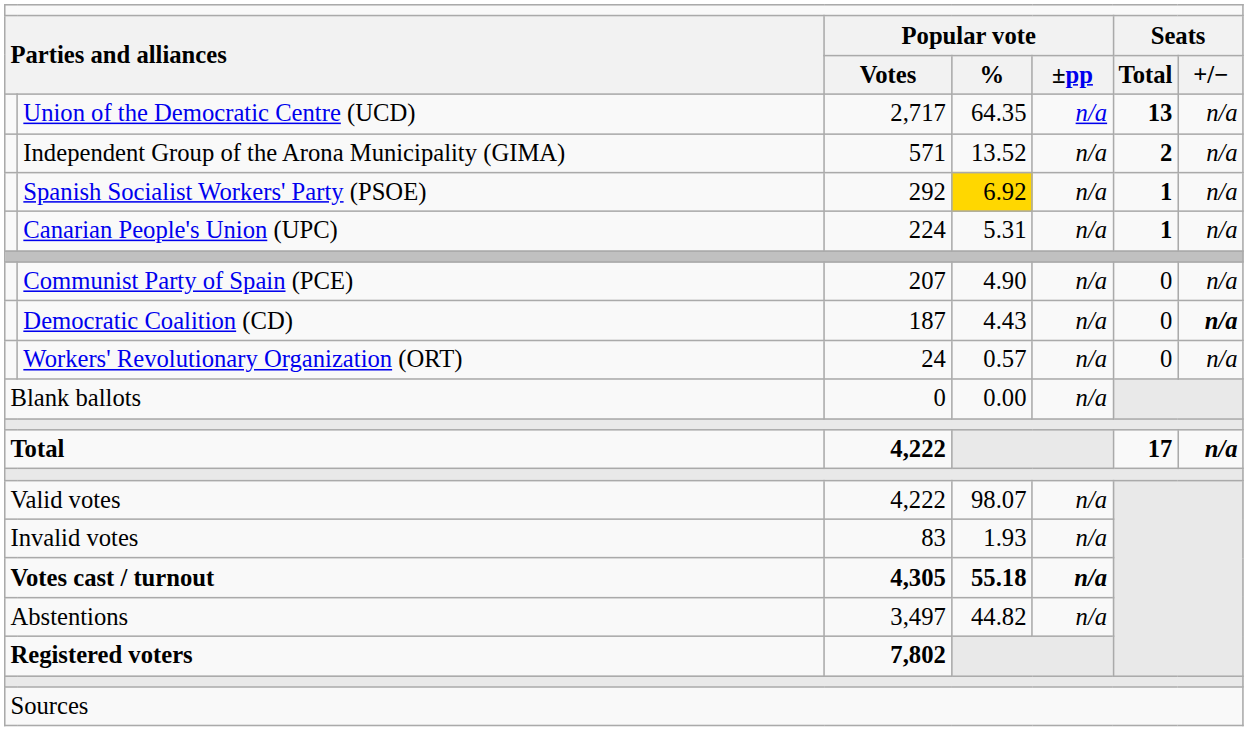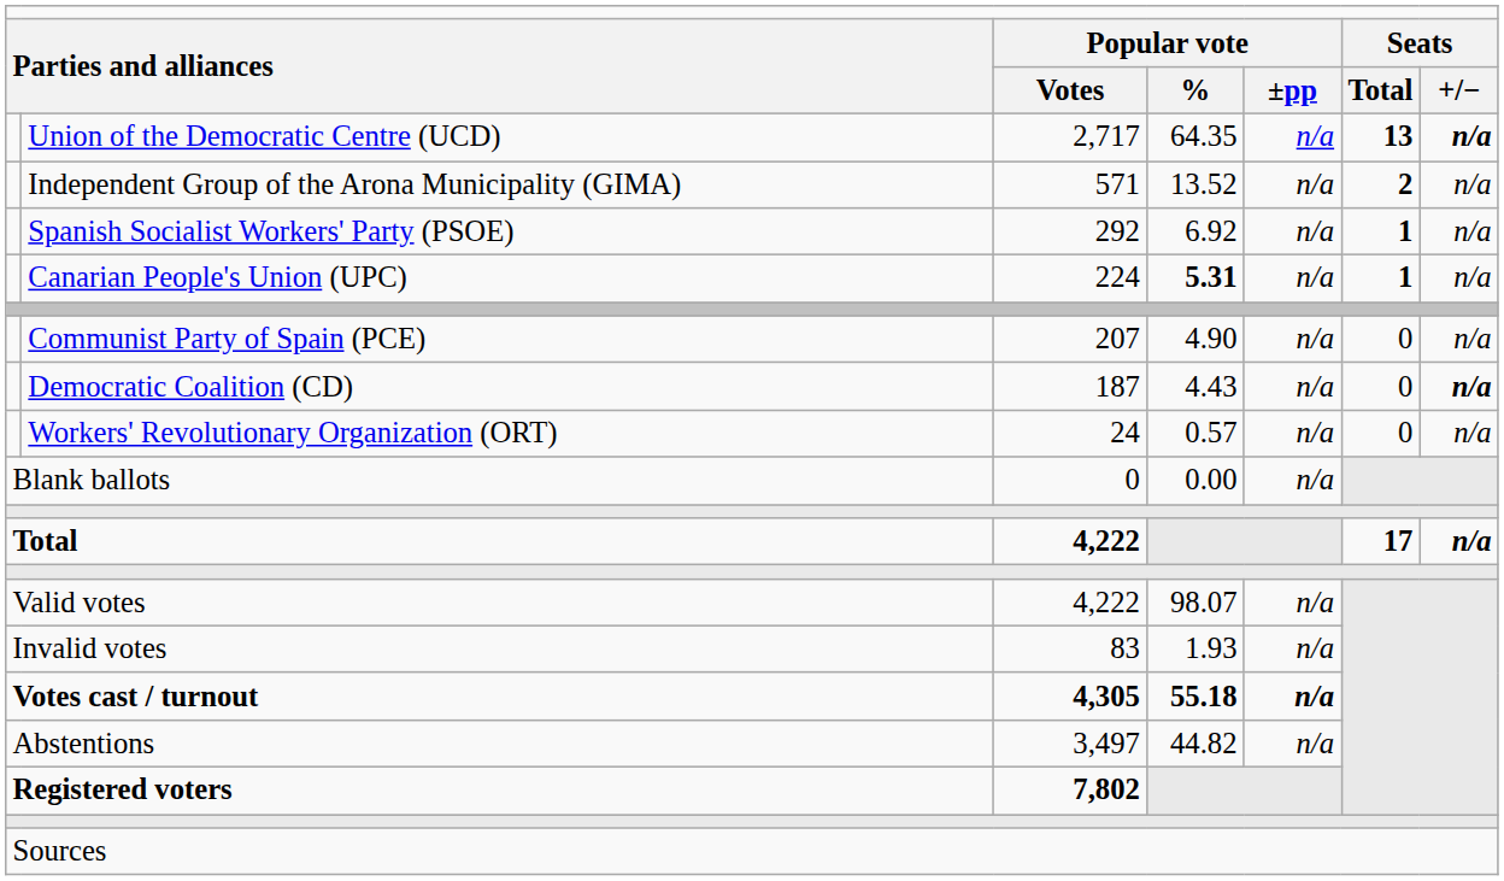 <table class="wikitable" style="text-align:right;">
 <tr>
 <td colspan="7"></td>
 </tr>
 <tr>
 <th style="text-align:left;" rowspan="2" colspan="2" width="525">Parties and alliances</th>
 <th colspan="3">Popular vote</th>
 <th colspan="2">Seats</th>
 </tr>
 <tr>
 <th width="75">Votes</th>
 <th width="45">%</th>
 <th width="45">±<a href='#'>pp</a></th>
 <th width="35">Total</th>
 <th width="35">+/−</th>
 </tr>
 <tr>
 <td width="1" style="color:inherit;background:"></td>
 <td align="left"><a href='#'>Union of the Democratic Centre</a> (UCD)</td>
 <td>2,717</td>
 <td>64.35</td>
 <td><em><a href='#'>n/a</a></em></td>
 <td><strong>13</strong></td>
-<td><em>n/a</em></td>
+<td><strong><em>n/a</em></strong></td>
 </tr>
 <tr>
 <td style="color:inherit;background:"></td>
 <td align="left">Independent Group of the Arona Municipality (GIMA)</td>
 <td>571</td>
 <td>13.52</td>
 <td><em>n/a</em></td>
 <td><strong>2</strong></td>
 <td><em>n/a</em></td>
 </tr>
 <tr>
 <td style="color:inherit;background:"></td>
 <td align="left"><a href='#'>Spanish Socialist Workers' Party</a> (PSOE)</td>
 <td>292</td>
-<td style="background: gold;">6.92</td>
+<td>6.92</td>
 <td><em>n/a</em></td>
 <td><strong>1</strong></td>
 <td><em>n/a</em></td>
 </tr>
 <tr>
 <td style="color:inherit;background:"></td>
 <td align="left"><a href='#'>Canarian People's Union</a> (UPC)</td>
 <td>224</td>
-<td>5.31</td>
+<td><strong>5.31</strong></td>
 <td><em>n/a</em></td>
 <td><strong>1</strong></td>
 <td><em>n/a</em></td>
 </tr>
 <tr>
 <td colspan="7" bgcolor="#C0C0C0"></td>
 </tr>
 <tr>
 <td style="color:inherit;background:"></td>
 <td align="left"><a href='#'>Communist Party of Spain</a> (PCE)</td>
 <td>207</td>
 <td>4.90</td>
 <td><em>n/a</em></td>
 <td>0</td>
 <td><em>n/a</em></td>
 </tr>
 <tr>
 <td style="color:inherit;background:"></td>
 <td align="left"><a href='#'>Democratic Coalition</a> (CD)</td>
 <td>187</td>
 <td>4.43</td>
 <td><em>n/a</em></td>
 <td>0</td>
 <td><strong><em>n/a</em></strong></td>
 </tr>
 <tr>
 <td style="color:inherit;background:"></td>
 <td align="left"><a href='#'>Workers' Revolutionary Organization</a> (ORT)</td>
 <td>24</td>
 <td>0.57</td>
 <td><em>n/a</em></td>
 <td>0</td>
 <td><em>n/a</em></td>
 </tr>
 <tr>
 <td align="left" colspan="2">Blank ballots</td>
 <td>0</td>
 <td>0.00</td>
 <td><em>n/a</em></td>
 <td bgcolor="#E9E9E9" colspan="2"></td>
 </tr>
 <tr>
 <td colspan="7" bgcolor="#E9E9E9"></td>
 </tr>
 <tr style="font-weight:bold;">
 <td align="left" colspan="2">Total</td>
 <td>4,222</td>
 <td bgcolor="#E9E9E9" colspan="2"></td>
 <td>17</td>
 <td><em>n/a</em></td>
 </tr>
 <tr>
 <td colspan="7" bgcolor="#E9E9E9"></td>
 </tr>
 <tr>
 <td align="left" colspan="2">Valid votes</td>
 <td>4,222</td>
 <td>98.07</td>
 <td><em>n/a</em></td>
 <td bgcolor="#E9E9E9" colspan="2" rowspan="5"></td>
 </tr>
 <tr>
 <td align="left" colspan="2">Invalid votes</td>
 <td>83</td>
 <td>1.93</td>
 <td><em>n/a</em></td>
 </tr>
 <tr style="font-weight:bold;">
 <td align="left" colspan="2">Votes cast / turnout</td>
 <td>4,305</td>
 <td>55.18</td>
 <td><em>n/a</em></td>
 </tr>
 <tr>
 <td align="left" colspan="2">Abstentions</td>
 <td>3,497</td>
 <td>44.82</td>
 <td><em>n/a</em></td>
 </tr>
 <tr style="font-weight:bold;">
 <td align="left" colspan="2">Registered voters</td>
 <td>7,802</td>
 <td bgcolor="#E9E9E9" colspan="2"></td>
 </tr>
 <tr>
 <td colspan="7" bgcolor="#E9E9E9"></td>
 </tr>
 <tr>
 <td align="left" colspan="7">Sources</td>
 </tr>
 </table>
